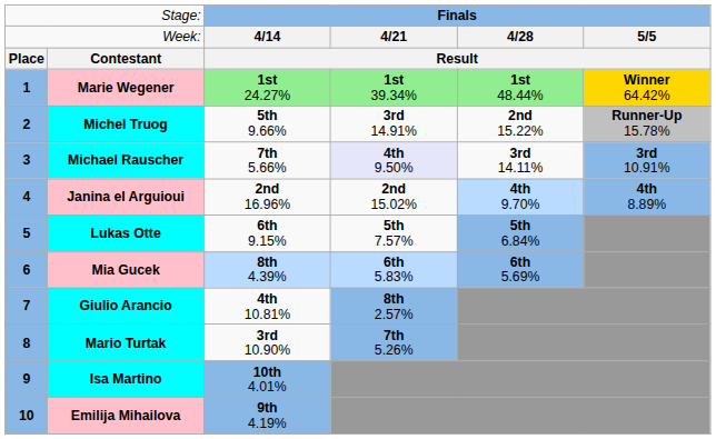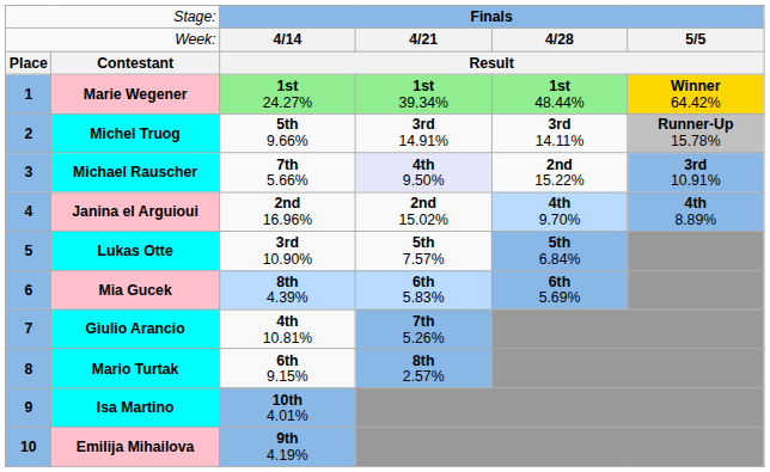 <table class="wikitable" style="text-align:center; font-size:85%; margin:1em auto;">
 <tr>
 <td colspan="2" style="text-align:right;"><em>Stage:</em></td>
 <td colspan="5" style="background:#8ab8e6;"><strong>Finals</strong></td>
 </tr>
 <tr>
 <td colspan="2" style="text-align:right;"><em>Week:</em></td>
 <th style="width:120px;">4/14</th>
 <th style="width:120px;">4/21</th>
 <th style="width:120px;">4/28</th>
 <th style="width:120px;">5/5</th>
 </tr>
 <tr>
 <th style="width:35px;">Place</th>
 <th style="width:150px;">Contestant</th>
 <th colspan="5">Result</th>
 </tr>
 <tr>
 <td style="background:#8ab8e6;"><strong>1</strong></td>
 <td style="background:pink;"><strong>Marie Wegener</strong></td>
 <td style="background:lightgreen;"><strong>1st</strong><br>24.27%</td>
 <td style="background:lightgreen;"><strong>1st</strong><br>39.34%</td>
 <td style="background:lightgreen;"><strong>1st</strong><br>48.44%</td>
 <td style="background:gold;"><strong>Winner</strong><br>64.42%</td>
 </tr>
 <tr>
 <td style="background:#8ab8e6;"><strong>2</strong></td>
 <td style="background:cyan;"><strong>Michel Truog</strong></td>
 <td><strong>5th</strong><br>9.66%</td>
 <td><strong>3rd</strong><br>14.91%</td>
-<td><strong>2nd</strong><br>15.22%</td>
+<td><strong>3rd</strong><br>14.11%</td>
 <td style="background:silver;"><strong>Runner-Up</strong><br>15.78%</td>
 </tr>
 <tr>
 <td style="background:#8ab8e6;"><strong>3</strong></td>
 <td style="background:cyan;"><strong>Michael Rauscher</strong></td>
 <td><strong>7th</strong><br>5.66%</td>
 <td style="background: lavender;"><strong>4th</strong><br>9.50%</td>
-<td><strong>3rd</strong><br>14.11%</td>
+<td><strong>2nd</strong><br>15.22%</td>
 <td style="background:#8ab8e6;"><strong>3rd</strong><br>10.91%</td>
 </tr>
 <tr>
 <td style="background:#8ab8e6;"><strong>4</strong></td>
 <td style="background:pink;"><strong>Janina el Arguioui</strong></td>
 <td><strong>2nd</strong><br>16.96%</td>
 <td><strong>2nd</strong><br>15.02%</td>
 <td style="background:#b8dbff;"><strong>4th</strong><br>9.70%</td>
 <td style="background:#8ab8e6;"><strong>4th</strong><br>8.89%</td>
 </tr>
 <tr>
 <td style="background:#8ab8e6;"><strong>5</strong></td>
 <td style="background:cyan;"><strong>Lukas Otte</strong></td>
-<td><strong>6th</strong><br>9.15%</td>
+<td><strong>3rd</strong><br>10.90%</td>
 <td><strong>5th</strong><br>7.57%</td>
 <td style="background:#8ab8e6;"><strong>5th</strong><br>6.84%</td>
 <td style="background:#999999;" colspan=5></td>
 </tr>
 <tr>
 <td style="background:#8ab8e6;"><strong>6</strong></td>
 <td style="background:pink;"><strong>Mia Gucek</strong></td>
 <td style="background:#b8dbff;"><strong>8th</strong><br>4.39%</td>
 <td style="background:#b8dbff;"><strong>6th</strong><br>5.83%</td>
 <td style="background:#8ab8e6;"><strong>6th</strong><br>5.69%</td>
 <td style="background:#999999;" colspan=5></td>
 </tr>
 <tr>
 <td style="background:#8ab8e6;"><strong>7</strong></td>
 <td style="background:cyan;"><strong>Giulio Arancio</strong></td>
 <td><strong>4th</strong><br>10.81%</td>
-<td style="background:#8ab8e6;"><strong>8th</strong><br>2.57%</td>
+<td style="background:#8ab8e6;"><strong>7th</strong><br>5.26%</td>
 <td style="background:#999999;" colspan=5></td>
 </tr>
 <tr>
 <td style="background:#8ab8e6;"><strong>8</strong></td>
 <td style="background:cyan;"><strong>Mario Turtak</strong></td>
-<td><strong>3rd</strong><br>10.90%</td>
-<td style="background:#8ab8e6;"><strong>7th</strong><br>5.26%</td>
+<td><strong>6th</strong><br>9.15%</td>
+<td style="background:#8ab8e6;"><strong>8th</strong><br>2.57%</td>
 <td style="background:#999999;" colspan=4></td>
 </tr>
 <tr>
 <td style="background:#8ab8e6;"><strong>9</strong></td>
 <td style="background:cyan;"><strong>Isa Martino</strong></td>
 <td style="background:#8ab8e6;"><strong>10th</strong><br>4.01%</td>
 <td style="background:#999999;" colspan=5></td>
 </tr>
 <tr>
 <td style="background:#8ab8e6;" rowspan=2><strong>10</strong><br></td>
 <td style="background:pink;"><strong>Emilija Mihailova</strong></td>
 <td style="background:#8ab8e6;"><strong>9th</strong><br>4.19%</td>
 <td style="background:#999999;" colspan=5></td>
 </tr>
 </table>
